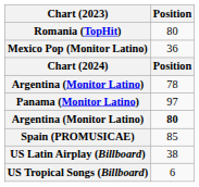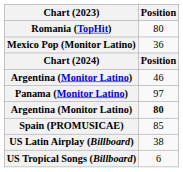 <table class="wikitable plainrowheaders sortable" style="text-align:center">
 <tr>
 <th scope="col">Chart (2023)</th>
 <th scope="col">Position</th>
 </tr>
 <tr>
 <th scope="row">Romania (<a href='#'>TopHit</a>)</th>
 <td>80</td>
 </tr>
 <tr>
 <th scope="row">Mexico Pop (Monitor Latino)</th>
 <td>36</td>
 </tr>
 <tr>
 <th scope="col">Chart (2024)</th>
 <th scope="col">Position</th>
 </tr>
 <tr>
 <th scope="row">Argentina (<a href='#'>Monitor Latino</a>)</th>
-<td>78</td>
+<td>46</td>
 </tr>
 <tr>
 <th scope="row">Panama (<a href='#'>Monitor Latino</a>)</th>
 <td>97</td>
 </tr>
 <tr>
 <th scope="row">Argentina (Monitor Latino)</th>
 <td><strong>80</strong></td>
 </tr>
 <tr>
 <th scope="row">Spain (PROMUSICAE)</th>
 <td>85</td>
 </tr>
 <tr>
 <th scope="row">US Latin Airplay (<em>Billboard</em>)</th>
 <td>38</td>
 </tr>
 <tr>
 <th scope="row">US Tropical Songs (<em>Billboard</em>)</th>
 <td>6</td>
 </tr>
 </table>
